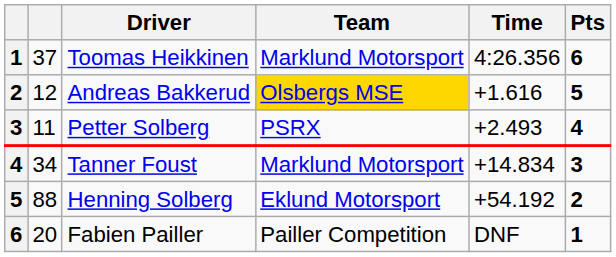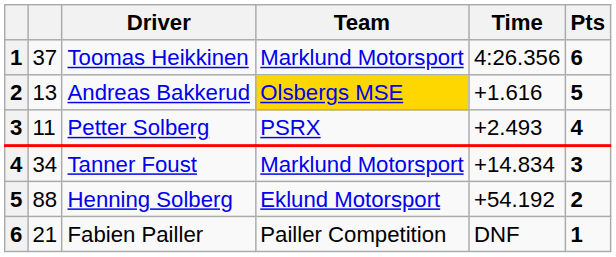 <table class=wikitable style="font-size:95%">
 <tr>
 <th></th>
 <th></th>
 <th>Driver</th>
 <th>Team</th>
 <th>Time</th>
 <th>Pts</th>
 </tr>
 <tr>
 <th>1</th>
 <td>37</td>
 <td> <a href='#'>Toomas Heikkinen</a></td>
 <td><a href='#'>Marklund Motorsport</a></td>
 <td>4:26.356</td>
 <td><strong>6</strong></td>
 </tr>
 <tr>
 <th>2</th>
-<td>12</td>
+<td>13</td>
 <td> <a href='#'>Andreas Bakkerud</a></td>
 <td style="background: gold;"><a href='#'>Olsbergs MSE</a></td>
 <td>+1.616</td>
 <td><strong>5</strong></td>
 </tr>
 <tr>
 <th>3</th>
 <td>11</td>
 <td> <a href='#'>Petter Solberg</a></td>
 <td><a href='#'>PSRX</a></td>
 <td>+2.493</td>
 <td><strong>4</strong></td>
 </tr>
 <tr style="border-top: solid 2.5px red;">
 <th>4</th>
 <td>34</td>
 <td> <a href='#'>Tanner Foust</a></td>
 <td><a href='#'>Marklund Motorsport</a></td>
 <td>+14.834</td>
 <td><strong>3</strong></td>
 </tr>
 <tr>
 <th>5</th>
 <td>88</td>
 <td> <a href='#'>Henning Solberg</a></td>
 <td><a href='#'>Eklund Motorsport</a></td>
 <td>+54.192</td>
 <td><strong>2</strong></td>
 </tr>
 <tr>
 <th>6</th>
-<td>20</td>
+<td>21</td>
 <td> Fabien Pailler</td>
 <td>Pailler Competition</td>
 <td>DNF</td>
 <td><strong>1</strong></td>
 </tr>
 </table>
